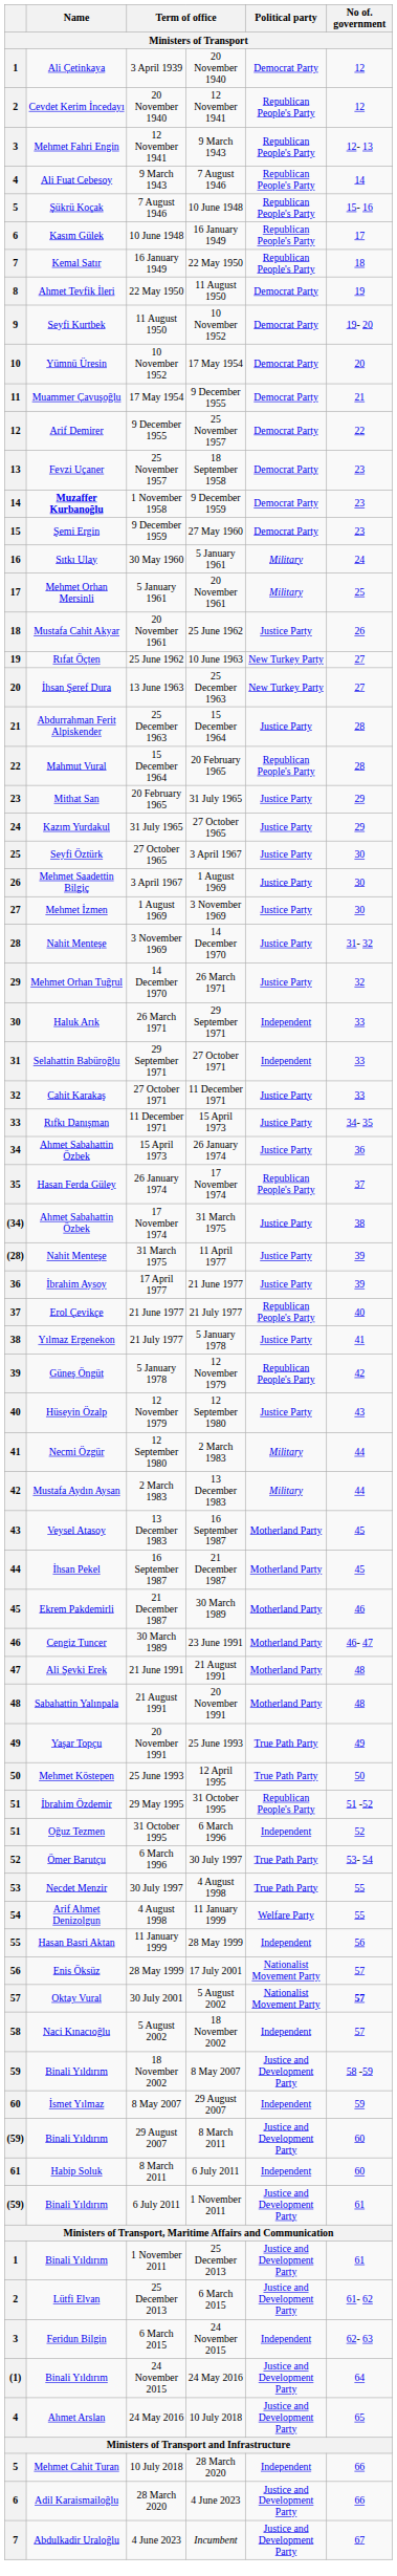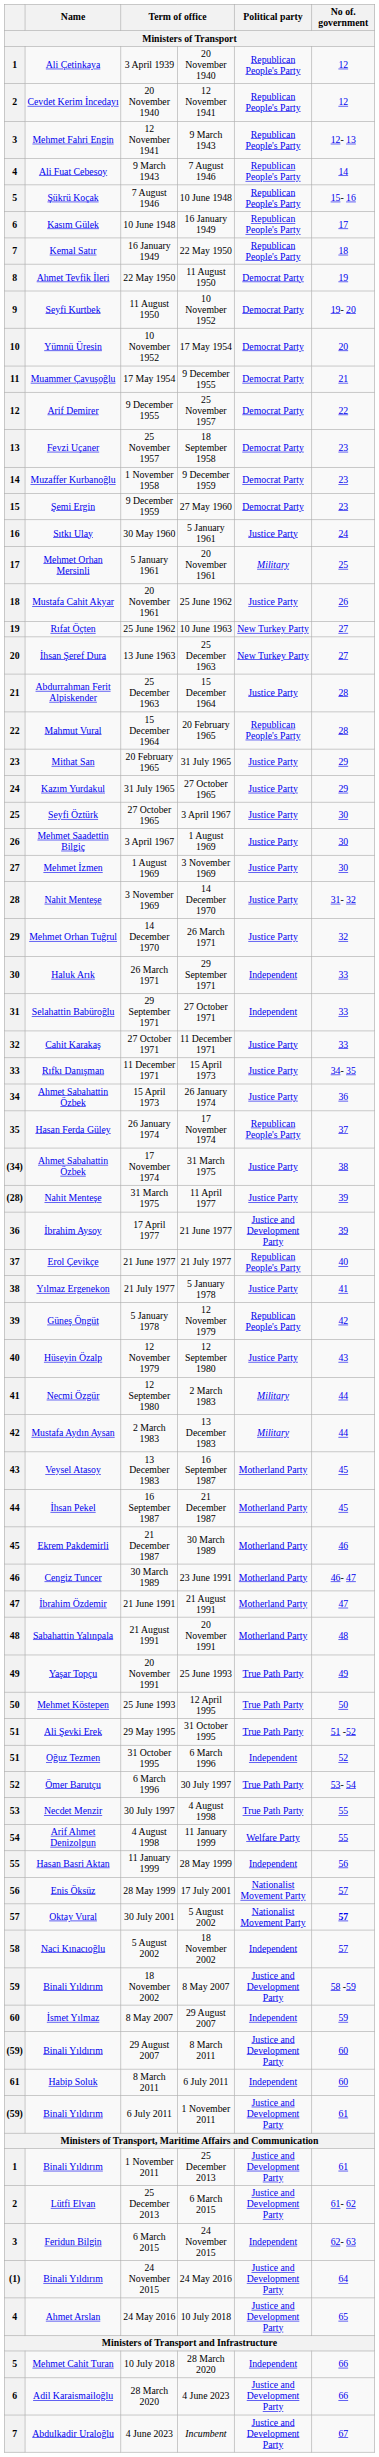 <table class="wikitable" style="text-align:center">
 <tr ->
 <th></th>
 <th width=150>Name<br></th>
 <th colspan=2>Term of office</th>
 <th>Political party</th>
 <th>No of. government</th>
 </tr>
 <tr ->
 <th colspan=10>Ministers of Transport<br></th>
 </tr>
 <tr ->
 <th style="background:">1</th>
 <td><a href='#'>Ali Çetinkaya</a><br></td>
 <td>3 April 1939</td>
 <td>20 November 1940</td>
-<td><a href='#'>Democrat Party</a></td>
+<td><a href='#'>Republican People's Party</a></td>
 <td><a href='#'>12</a></td>
 </tr>
 <tr ->
 <th style="background:">2</th>
 <td><a href='#'>Cevdet Kerim İncedayı</a><br></td>
 <td>20 November 1940</td>
 <td>12 November 1941</td>
 <td><a href='#'>Republican People's Party</a></td>
 <td><a href='#'>12</a></td>
 </tr>
 <tr ->
 <th style="background:">3</th>
 <td><a href='#'>Mehmet Fahri Engin</a><br></td>
 <td>12 November 1941</td>
 <td>9 March 1943</td>
 <td><a href='#'>Republican People's Party</a></td>
 <td><a href='#'>12</a>- <a href='#'>13</a></td>
 </tr>
 <tr ->
 <th style="background:">4</th>
 <td><a href='#'>Ali Fuat Cebesoy</a><br></td>
 <td>9 March 1943</td>
 <td>7 August 1946</td>
 <td><a href='#'>Republican People's Party</a></td>
 <td><a href='#'>14</a></td>
 </tr>
 <tr ->
 <th style="background:">5</th>
 <td><a href='#'>Şükrü Koçak</a><br></td>
 <td>7 August 1946</td>
 <td>10 June 1948</td>
 <td><a href='#'>Republican People's Party</a></td>
 <td><a href='#'>15</a>- <a href='#'>16</a></td>
 </tr>
 <tr ->
 <th style="background:">6</th>
 <td><a href='#'>Kasım Gülek</a><br></td>
 <td>10 June 1948</td>
 <td>16 January 1949</td>
 <td><a href='#'>Republican People's Party</a></td>
 <td><a href='#'>17</a></td>
 </tr>
 <tr ->
 <th style="background:">7</th>
 <td><a href='#'>Kemal Satır</a><br></td>
 <td>16 January 1949</td>
 <td>22 May 1950</td>
 <td><a href='#'>Republican People's Party</a></td>
 <td><a href='#'>18</a></td>
 </tr>
 <tr ->
 <th style="background:">8</th>
 <td><a href='#'>Ahmet Tevfik İleri</a><br></td>
 <td>22 May 1950</td>
 <td>11 August 1950</td>
 <td><a href='#'>Democrat Party</a></td>
 <td><a href='#'>19</a></td>
 </tr>
 <tr ->
 <th style="background:">9</th>
 <td><a href='#'>Seyfi Kurtbek</a><br></td>
 <td>11 August 1950</td>
 <td>10 November 1952</td>
 <td><a href='#'>Democrat Party</a></td>
 <td><a href='#'>19</a>- <a href='#'>20</a></td>
 </tr>
 <tr ->
 <th style="background:">10</th>
 <td><a href='#'>Yümnü Üresin</a><br></td>
 <td>10 November 1952</td>
 <td>17 May 1954</td>
 <td><a href='#'>Democrat Party</a></td>
 <td><a href='#'>20</a></td>
 </tr>
 <tr ->
 <th style="background:">11</th>
 <td><a href='#'>Muammer Çavuşoğlu</a><br></td>
 <td>17 May 1954</td>
 <td>9 December 1955</td>
 <td><a href='#'>Democrat Party</a></td>
 <td><a href='#'>21</a></td>
 </tr>
 <tr ->
 <th style="background:">12</th>
 <td><a href='#'>Arif Demirer</a><br></td>
 <td>9 December 1955</td>
 <td>25 November 1957</td>
 <td><a href='#'>Democrat Party</a></td>
 <td><a href='#'>22</a></td>
 </tr>
 <tr ->
 <th style="background:">13</th>
 <td><a href='#'>Fevzi Uçaner</a><br></td>
 <td>25 November 1957</td>
 <td>18 September 1958</td>
 <td><a href='#'>Democrat Party</a></td>
 <td><a href='#'>23</a></td>
 </tr>
 <tr ->
 <th style="background:">14</th>
-<td><strong><a href='#'>Muzaffer Kurbanoğlu</a><br></strong></td>
+<td><a href='#'>Muzaffer Kurbanoğlu</a><br></td>
 <td>1 November 1958</td>
 <td>9 December 1959</td>
 <td><a href='#'>Democrat Party</a></td>
 <td><a href='#'>23</a></td>
 </tr>
 <tr ->
 <th style="background:">15</th>
 <td><a href='#'>Şemi Ergin</a><br></td>
 <td>9 December 1959</td>
 <td>27 May 1960</td>
 <td><a href='#'>Democrat Party</a></td>
 <td><a href='#'>23</a></td>
 </tr>
 <tr ->
 <th style="background:">16</th>
 <td><a href='#'>Sıtkı Ulay</a><br></td>
 <td>30 May 1960</td>
 <td>5 January 1961</td>
-<td><em><a href='#'>Military</a></em></td>
+<td><a href='#'>Justice Party</a></td>
 <td><a href='#'>24</a></td>
 </tr>
 <tr ->
 <th style="background:">17</th>
 <td><a href='#'>Mehmet Orhan Mersinli</a><br></td>
 <td>5 January 1961</td>
 <td>20 November 1961</td>
 <td><em><a href='#'>Military</a></em></td>
 <td><a href='#'>25</a></td>
 </tr>
 <tr ->
 <th style="background:">18</th>
 <td><a href='#'>Mustafa Cahit Akyar</a><br></td>
 <td>20 November 1961</td>
 <td>25 June 1962</td>
 <td><a href='#'>Justice Party</a></td>
 <td><a href='#'>26</a></td>
 </tr>
 <tr ->
 <th style="background:">19</th>
 <td><a href='#'>Rıfat Öçten</a><br></td>
 <td>25 June 1962</td>
 <td>10 June 1963</td>
 <td><a href='#'>New Turkey Party</a></td>
 <td><a href='#'>27</a></td>
 </tr>
 <tr ->
 <th style="background:">20</th>
 <td><a href='#'>İhsan Şeref Dura</a><br></td>
 <td>13 June 1963</td>
 <td>25 December 1963</td>
 <td><a href='#'>New Turkey Party</a></td>
 <td><a href='#'>27</a></td>
 </tr>
 <tr ->
 <th style="background:">21</th>
 <td><a href='#'>Abdurrahman Ferit Alpiskender</a><br></td>
 <td>25 December 1963</td>
 <td>15 December 1964</td>
 <td><a href='#'>Justice Party</a></td>
 <td><a href='#'>28</a></td>
 </tr>
 <tr ->
 <th style="background:">22</th>
 <td><a href='#'>Mahmut Vural</a><br></td>
 <td>15 December 1964</td>
 <td>20 February 1965</td>
 <td><a href='#'>Republican People's Party</a></td>
 <td><a href='#'>28</a></td>
 </tr>
 <tr ->
 <th style="background:">23</th>
 <td><a href='#'>Mithat San</a><br></td>
 <td>20 February 1965</td>
 <td>31 July 1965</td>
 <td><a href='#'>Justice Party</a></td>
 <td><a href='#'>29</a></td>
 </tr>
 <tr ->
 <th style="background:">24</th>
 <td><a href='#'>Kazım Yurdakul</a><br></td>
 <td>31 July 1965</td>
 <td>27 October 1965</td>
 <td><a href='#'>Justice Party</a></td>
 <td><a href='#'>29</a></td>
 </tr>
 <tr ->
 <th style="background:">25</th>
 <td><a href='#'>Seyfi Öztürk</a><br></td>
 <td>27 October 1965</td>
 <td>3 April 1967</td>
 <td><a href='#'>Justice Party</a></td>
 <td><a href='#'>30</a></td>
 </tr>
 <tr ->
 <th style="background:">26</th>
 <td><a href='#'>Mehmet Saadettin Bilgiç</a><br></td>
 <td>3 April 1967</td>
 <td>1 August 1969</td>
 <td><a href='#'>Justice Party</a></td>
 <td><a href='#'>30</a></td>
 </tr>
 <tr ->
 <th style="background:">27</th>
 <td><a href='#'>Mehmet İzmen</a><br></td>
 <td>1 August 1969</td>
 <td>3 November 1969</td>
 <td><a href='#'>Justice Party</a></td>
 <td><a href='#'>30</a></td>
 </tr>
 <tr ->
 <th style="background:">28</th>
 <td><a href='#'>Nahit Menteşe</a><br></td>
 <td>3 November 1969</td>
 <td>14 December 1970</td>
 <td><a href='#'>Justice Party</a></td>
 <td><a href='#'>31</a>- <a href='#'>32</a></td>
 </tr>
 <tr ->
 <th style="background:">29</th>
 <td><a href='#'>Mehmet Orhan Tuğrul</a><br></td>
 <td>14 December 1970</td>
 <td>26 March 1971</td>
 <td><a href='#'>Justice Party</a></td>
 <td><a href='#'>32</a></td>
 </tr>
 <tr ->
 <th style="background:">30</th>
 <td><a href='#'>Haluk Arık</a><br></td>
 <td>26 March 1971</td>
 <td>29 September 1971</td>
 <td><a href='#'>Independent</a></td>
 <td><a href='#'>33</a></td>
 </tr>
 <tr ->
 <th style="background:">31</th>
 <td><a href='#'>Selahattin Babüroğlu</a><br></td>
 <td>29 September 1971</td>
 <td>27 October 1971</td>
 <td><a href='#'>Independent</a></td>
 <td><a href='#'>33</a></td>
 </tr>
 <tr ->
 <th style="background:">32</th>
 <td><a href='#'>Cahit Karakaş</a><br></td>
 <td>27 October 1971</td>
 <td>11 December 1971</td>
 <td><a href='#'>Justice Party</a></td>
 <td><a href='#'>33</a></td>
 </tr>
 <tr ->
 <th style="background:">33</th>
 <td><a href='#'>Rıfkı Danışman</a><br></td>
 <td>11 December 1971</td>
 <td>15 April 1973</td>
 <td><a href='#'>Justice Party</a></td>
 <td><a href='#'>34</a>- <a href='#'>35</a></td>
 </tr>
 <tr ->
 <th style="background:">34</th>
 <td><a href='#'>Ahmet Sabahattin Özbek</a><br></td>
 <td>15 April 1973</td>
 <td>26 January 1974</td>
 <td><a href='#'>Justice Party</a></td>
 <td><a href='#'>36</a></td>
 </tr>
 <tr ->
 <th style="background:">35</th>
 <td><a href='#'>Hasan Ferda Güley</a><br></td>
 <td>26 January 1974</td>
 <td>17 November 1974</td>
 <td><a href='#'>Republican People's Party</a></td>
 <td><a href='#'>37</a></td>
 </tr>
 <tr ->
 <th style="background:">(34)</th>
 <td><a href='#'>Ahmet Sabahattin Özbek</a><br></td>
 <td>17 November 1974</td>
 <td>31 March 1975</td>
 <td><a href='#'>Justice Party</a></td>
 <td><a href='#'>38</a></td>
 </tr>
 <tr ->
 <th style="background:">(28)</th>
 <td><a href='#'>Nahit Menteşe</a><br></td>
 <td>31 March 1975</td>
 <td>11 April 1977</td>
 <td><a href='#'>Justice Party</a></td>
 <td><a href='#'>39</a></td>
 </tr>
 <tr ->
 <th style="background:">36</th>
 <td><a href='#'>İbrahim Aysoy</a><br></td>
 <td>17 April 1977</td>
 <td>21 June 1977</td>
-<td><a href='#'>Justice Party</a></td>
+<td><a href='#'>Justice and Development Party</a></td>
 <td><a href='#'>39</a></td>
 </tr>
 <tr ->
 <th style="background:">37</th>
 <td><a href='#'>Erol Çevikçe</a><br></td>
 <td>21 June 1977</td>
 <td>21 July 1977</td>
 <td><a href='#'>Republican People's Party</a></td>
 <td><a href='#'>40</a></td>
 </tr>
 <tr ->
 <th style="background:">38</th>
 <td><a href='#'>Yılmaz Ergenekon</a><br></td>
 <td>21 July 1977</td>
 <td>5 January 1978</td>
 <td><a href='#'>Justice Party</a></td>
 <td><a href='#'>41</a></td>
 </tr>
 <tr ->
 <th style="background:">39</th>
 <td><a href='#'>Güneş Öngüt</a><br></td>
 <td>5 January 1978</td>
 <td>12 November 1979</td>
 <td><a href='#'>Republican People's Party</a></td>
 <td><a href='#'>42</a></td>
 </tr>
 <tr ->
 <th style="background:">40</th>
 <td><a href='#'>Hüseyin Özalp</a><br></td>
 <td>12 November 1979</td>
 <td>12 September 1980</td>
 <td><a href='#'>Justice Party</a></td>
 <td><a href='#'>43</a></td>
 </tr>
 <tr ->
 <th style="background:">41</th>
 <td><a href='#'>Necmi Özgür</a><br></td>
 <td>12 September 1980</td>
 <td>2 March 1983</td>
 <td><em><a href='#'>Military</a></em></td>
 <td><a href='#'>44</a></td>
 </tr>
 <tr ->
 <th style="background:">42</th>
 <td><a href='#'>Mustafa Aydın Aysan</a><br></td>
 <td>2 March 1983</td>
 <td>13 December 1983</td>
 <td><em><a href='#'>Military</a></em></td>
 <td><a href='#'>44</a></td>
 </tr>
 <tr ->
 <th style="background:">43</th>
 <td><a href='#'>Veysel Atasoy</a><br></td>
 <td>13 December 1983</td>
 <td>16 September 1987</td>
 <td><a href='#'>Motherland Party</a></td>
 <td><a href='#'>45</a></td>
 </tr>
 <tr ->
 <th style="background:">44</th>
 <td><a href='#'>İhsan Pekel</a><br></td>
 <td>16 September 1987</td>
 <td>21 December 1987</td>
 <td><a href='#'>Motherland Party</a></td>
 <td><a href='#'>45</a></td>
 </tr>
 <tr ->
 <th style="background:">45</th>
 <td><a href='#'>Ekrem Pakdemirli</a><br></td>
 <td>21 December 1987</td>
 <td>30 March 1989</td>
 <td><a href='#'>Motherland Party</a></td>
 <td><a href='#'>46</a></td>
 </tr>
 <tr ->
 <th style="background:">46</th>
 <td><a href='#'>Cengiz Tuncer</a><br></td>
 <td>30 March 1989</td>
 <td>23 June 1991</td>
 <td><a href='#'>Motherland Party</a></td>
 <td><a href='#'>46</a>- <a href='#'>47</a></td>
 </tr>
 <tr ->
 <th style="background:">47</th>
-<td><a href='#'>Ali Şevki Erek</a><br></td>
+<td><a href='#'>İbrahim Özdemir</a><br></td>
 <td>21 June 1991</td>
 <td>21 August 1991</td>
 <td><a href='#'>Motherland Party</a></td>
-<td><a href='#'>48</a></td>
+<td><a href='#'>47</a></td>
 </tr>
 <tr ->
 <th style="background:">48</th>
 <td><a href='#'>Sabahattin Yalınpala</a><br></td>
 <td>21 August 1991</td>
 <td>20 November 1991</td>
 <td><a href='#'>Motherland Party</a></td>
 <td><a href='#'>48</a></td>
 </tr>
 <tr ->
 <th style="background:">49</th>
 <td><a href='#'>Yaşar Topçu</a><br></td>
 <td>20 November 1991</td>
 <td>25 June 1993</td>
 <td><a href='#'>True Path Party</a></td>
 <td><a href='#'>49</a></td>
 </tr>
 <tr ->
 <th style="background:">50</th>
 <td><a href='#'>Mehmet Köstepen</a><br></td>
 <td>25 June 1993</td>
 <td>12 April 1995</td>
 <td><a href='#'>True Path Party</a></td>
 <td><a href='#'>50</a></td>
 </tr>
 <tr ->
 <th style="background:">51</th>
-<td><a href='#'>İbrahim Özdemir</a><br></td>
+<td><a href='#'>Ali Şevki Erek</a><br></td>
 <td>29 May 1995</td>
 <td>31 October 1995</td>
-<td><a href='#'>Republican People's Party</a></td>
+<td><a href='#'>True Path Party</a></td>
 <td><a href='#'>51</a> -<a href='#'>52</a></td>
 </tr>
 <tr ->
 <th style="background:">51</th>
 <td><a href='#'>Oğuz Tezmen</a><br></td>
 <td>31 October 1995</td>
 <td>6 March 1996</td>
 <td><a href='#'>Independent</a></td>
 <td><a href='#'>52</a></td>
 </tr>
 <tr ->
 <th style="background:">52</th>
 <td><a href='#'>Ömer Barutçu</a><br></td>
 <td>6 March 1996</td>
 <td>30 July 1997</td>
 <td><a href='#'>True Path Party</a></td>
 <td><a href='#'>53</a>- <a href='#'>54</a></td>
 </tr>
 <tr ->
 <th style="background:">53</th>
 <td><a href='#'>Necdet Menzir</a><br></td>
 <td>30 July 1997</td>
 <td>4 August 1998</td>
 <td><a href='#'>True Path Party</a></td>
 <td><a href='#'>55</a></td>
 </tr>
 <tr ->
 <th style="background:">54</th>
 <td><a href='#'>Arif Ahmet Denizolgun</a><br></td>
 <td>4 August 1998</td>
 <td>11 January 1999</td>
 <td><a href='#'>Welfare Party</a></td>
 <td><a href='#'>55</a></td>
 </tr>
 <tr ->
 <th style="background:">55</th>
 <td><a href='#'>Hasan Basri Aktan</a><br></td>
 <td>11 January 1999</td>
 <td>28 May 1999</td>
 <td><a href='#'>Independent</a></td>
 <td><a href='#'>56</a></td>
 </tr>
 <tr ->
 <th style="background:">56</th>
 <td><a href='#'>Enis Öksüz</a><br></td>
 <td>28 May 1999</td>
 <td>17 July 2001</td>
 <td><a href='#'>Nationalist Movement Party</a></td>
 <td><a href='#'>57</a></td>
 </tr>
 <tr ->
 <th style="background:">57</th>
 <td><a href='#'>Oktay Vural</a><br></td>
 <td>30 July 2001</td>
 <td>5 August 2002</td>
 <td><a href='#'>Nationalist Movement Party</a></td>
 <td><strong><a href='#'>57</a></strong></td>
 </tr>
 <tr ->
 <th style="background:">58</th>
 <td><a href='#'>Naci Kınacıoğlu</a><br></td>
 <td>5 August 2002</td>
 <td>18 November 2002</td>
 <td><a href='#'>Independent</a></td>
 <td><a href='#'>57</a></td>
 </tr>
 <tr ->
 <th style="background:">59</th>
 <td><a href='#'>Binali Yıldırım</a><br></td>
 <td>18 November 2002</td>
 <td>8 May 2007</td>
 <td><a href='#'>Justice and Development Party</a></td>
 <td><a href='#'>58</a> -<a href='#'>59</a></td>
 </tr>
 <tr ->
 <th style="background:">60</th>
 <td><a href='#'>İsmet Yılmaz</a><br></td>
 <td>8 May 2007</td>
 <td>29 August 2007</td>
 <td><a href='#'>Independent</a></td>
 <td><a href='#'>59</a></td>
 </tr>
 <tr ->
 <th style="background:">(59)</th>
 <td><a href='#'>Binali Yıldırım</a><br></td>
 <td>29 August 2007</td>
 <td>8 March 2011</td>
 <td><a href='#'>Justice and Development Party</a></td>
 <td><a href='#'>60</a></td>
 </tr>
 <tr ->
 <th style="background:">61</th>
 <td><a href='#'>Habip Soluk</a><br></td>
 <td>8 March 2011</td>
 <td>6 July 2011</td>
 <td><a href='#'>Independent</a></td>
 <td><a href='#'>60</a></td>
 </tr>
 <tr ->
 <th style="background:">(59)</th>
 <td><a href='#'>Binali Yıldırım</a><br></td>
 <td>6 July 2011</td>
 <td>1 November 2011</td>
 <td><a href='#'>Justice and Development Party</a></td>
 <td><a href='#'>61</a></td>
 </tr>
 <tr ->
 <th colspan=10>Ministers of Transport, Maritime Affairs and Communication<br></th>
 </tr>
 <tr ->
 <th style="background:">1</th>
 <td><a href='#'>Binali Yıldırım</a><br></td>
 <td>1 November 2011</td>
 <td>25 December 2013</td>
 <td><a href='#'>Justice and Development Party</a></td>
 <td><a href='#'>61</a></td>
 </tr>
 <tr ->
 <th style="background:">2</th>
 <td><a href='#'>Lütfi Elvan</a><br></td>
 <td>25 December 2013</td>
 <td>6 March 2015</td>
 <td><a href='#'>Justice and Development Party</a></td>
 <td><a href='#'>61</a>- <a href='#'>62</a></td>
 </tr>
 <tr ->
 <th style="background:">3</th>
 <td><a href='#'>Feridun Bilgin</a><br></td>
 <td>6 March 2015</td>
 <td>24 November 2015</td>
 <td><a href='#'>Independent</a></td>
 <td><a href='#'>62</a>- <a href='#'>63</a></td>
 </tr>
 <tr ->
 <th style="background:">(1)</th>
 <td><a href='#'>Binali Yıldırım</a><br></td>
 <td>24 November 2015</td>
 <td>24 May 2016</td>
 <td><a href='#'>Justice and Development Party</a></td>
 <td><a href='#'>64</a></td>
 </tr>
 <tr ->
 <th style="background:">4</th>
 <td><a href='#'>Ahmet Arslan</a><br></td>
 <td>24 May 2016</td>
 <td>10 July 2018</td>
 <td><a href='#'>Justice and Development Party</a></td>
 <td><a href='#'>65</a></td>
 </tr>
 <tr ->
 <th colspan=10>Ministers of Transport and Infrastructure<br></th>
 </tr>
 <tr ->
 <th style="background:">5</th>
 <td><a href='#'>Mehmet Cahit Turan</a><br></td>
 <td>10 July 2018</td>
 <td>28 March 2020</td>
 <td><a href='#'>Independent</a></td>
 <td><a href='#'>66</a></td>
 </tr>
 <tr ->
 <th style="background:">6</th>
 <td><a href='#'>Adil Karaismailoğlu</a><br></td>
 <td>28 March 2020</td>
 <td>4 June 2023</td>
 <td><a href='#'>Justice and Development Party</a></td>
 <td><a href='#'>66</a></td>
 </tr>
 <tr ->
 <th style="background:">7</th>
 <td><a href='#'>Abdulkadir Uraloğlu</a><br></td>
 <td>4 June 2023</td>
 <td><em>Incumbent</em></td>
 <td><a href='#'>Justice and Development Party</a></td>
 <td><a href='#'>67</a></td>
 </tr>
 </table>
